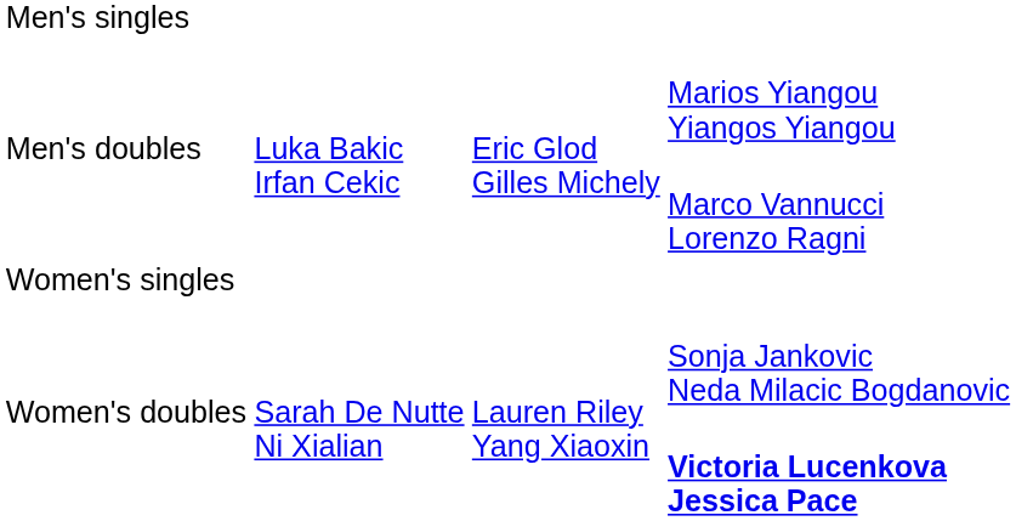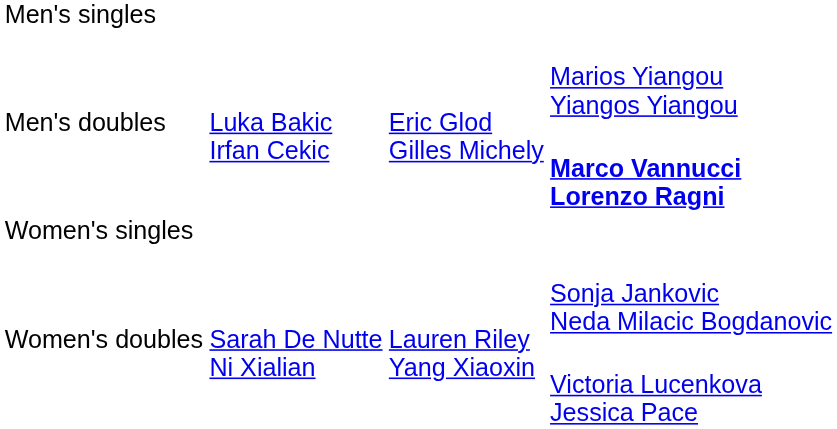 <table>
 <tr>
 <td rowspan=2>Men's singles</td>
 <td rowspan=2></td>
 <td rowspan=2></td>
 <td></td>
 </tr>
 <tr>
 <td></td>
 </tr>
 <tr>
 <td rowspan=2>Men's doubles</td>
 <td rowspan=2><br><a href='#'>Luka Bakic</a><br><a href='#'>Irfan Cekic</a></td>
 <td rowspan=2><br><a href='#'>Eric Glod</a><br><a href='#'>Gilles Michely</a></td>
 <td><br><a href='#'>Marios Yiangou</a><br><a href='#'>Yiangos Yiangou</a></td>
 </tr>
 <tr>
-<td><br><a href='#'>Marco Vannucci</a><br><a href='#'>Lorenzo Ragni</a></td>
+<td><strong><br><a href='#'>Marco Vannucci</a><br><a href='#'>Lorenzo Ragni</a></strong></td>
 </tr>
 <tr>
 <td rowspan=2>Women's singles</td>
 <td rowspan=2></td>
 <td rowspan=2></td>
 <td></td>
 </tr>
 <tr>
 <td></td>
 </tr>
 <tr>
 <td rowspan=2>Women's doubles</td>
 <td rowspan=2><br><a href='#'>Sarah De Nutte</a><br><a href='#'>Ni Xialian</a></td>
 <td rowspan=2><br><a href='#'>Lauren Riley</a><br><a href='#'>Yang Xiaoxin</a></td>
 <td><br><a href='#'>Sonja Jankovic</a><br><a href='#'>Neda Milacic Bogdanovic</a></td>
 </tr>
 <tr>
-<td><strong><br><a href='#'>Victoria Lucenkova</a><br><a href='#'>Jessica Pace</a></strong></td>
+<td><br><a href='#'>Victoria Lucenkova</a><br><a href='#'>Jessica Pace</a></td>
 </tr>
 </table>
